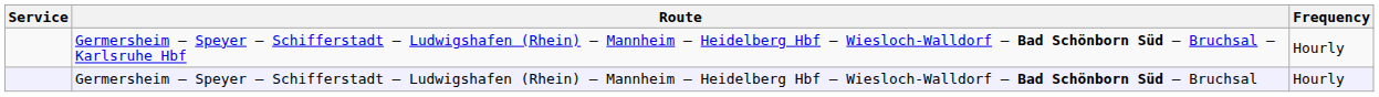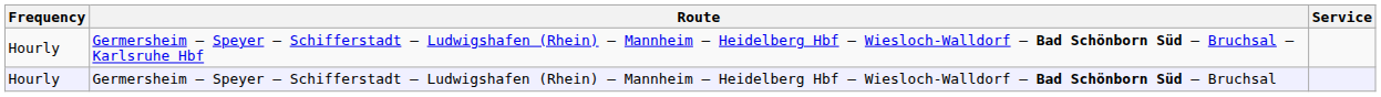 <table class="wikitable">
 <tr class="hintergrundfarbe6">
+<th>Frequency</th>
+<th>Route</th>
 <th>Service</th>
-<th>Route</th>
-<th>Frequency</th>
 </tr>
 <tr>
+<td>Hourly</td>
+<td><a href='#'>Germersheim</a> – <a href='#'>Speyer</a> – <a href='#'>Schifferstadt</a> – <a href='#'>Ludwigshafen (Rhein)</a> – <a href='#'>Mannheim</a> – <a href='#'>Heidelberg Hbf</a> – <a href='#'>Wiesloch-Walldorf</a> – <strong>Bad Schönborn Süd</strong> – <a href='#'>Bruchsal</a> – <a href='#'>Karlsruhe Hbf</a></td>
 <td></td>
-<td><a href='#'>Germersheim</a> – <a href='#'>Speyer</a> – <a href='#'>Schifferstadt</a> – <a href='#'>Ludwigshafen (Rhein)</a> – <a href='#'>Mannheim</a> – <a href='#'>Heidelberg Hbf</a> – <a href='#'>Wiesloch-Walldorf</a> – <strong>Bad Schönborn Süd</strong> – <a href='#'>Bruchsal</a> – <a href='#'>Karlsruhe Hbf</a></td>
-<td>Hourly</td>
 </tr>
 <tr bgcolor="#f0f0ff">
+<td>Hourly</td>
+<td>Germersheim – Speyer – Schifferstadt – Ludwigshafen (Rhein) – Mannheim – Heidelberg Hbf – Wiesloch-Walldorf – <strong>Bad Schönborn Süd</strong> – Bruchsal</td>
 <td></td>
-<td>Germersheim – Speyer – Schifferstadt – Ludwigshafen (Rhein) – Mannheim – Heidelberg Hbf – Wiesloch-Walldorf – <strong>Bad Schönborn Süd</strong> – Bruchsal</td>
-<td>Hourly</td>
 </tr>
 </table>
